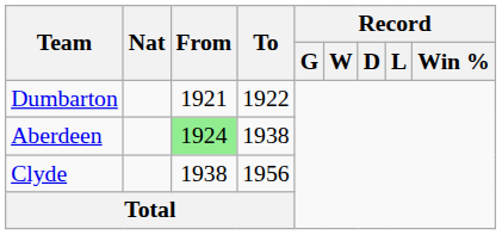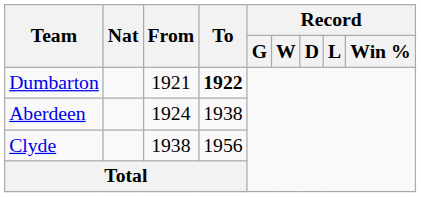 <table class="wikitable" style="text-align: center">
 <tr>
 <th rowspan="2">Team</th>
 <th rowspan="2">Nat</th>
 <th rowspan="2">From</th>
 <th rowspan="2">To</th>
 <th colspan="5">Record</th>
 </tr>
 <tr>
 <th>G</th>
 <th>W</th>
 <th>D</th>
 <th>L</th>
 <th>Win %</th>
 </tr>
 <tr>
 <td align=left><a href='#'>Dumbarton</a></td>
 <td></td>
 <td>1921</td>
-<td>1922<br></td>
+<td><strong>1922<br></strong></td>
 </tr>
 <tr>
 <td align=left><a href='#'>Aberdeen</a></td>
 <td></td>
-<td style="background: lightgreen;">1924</td>
+<td>1924</td>
 <td>1938<br></td>
 </tr>
 <tr>
 <td align=left><a href='#'>Clyde</a></td>
 <td></td>
 <td>1938</td>
 <td>1956<br></td>
 </tr>
 <tr>
 <th colspan=4 align=left>Total<br></th>
 </tr>
 </table>
